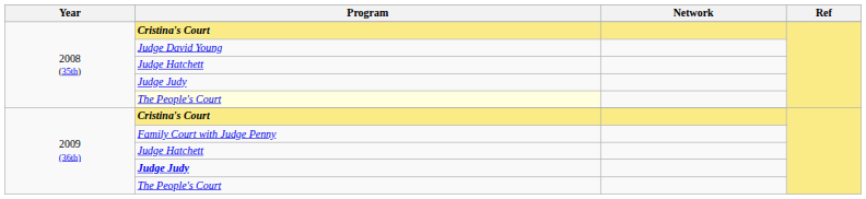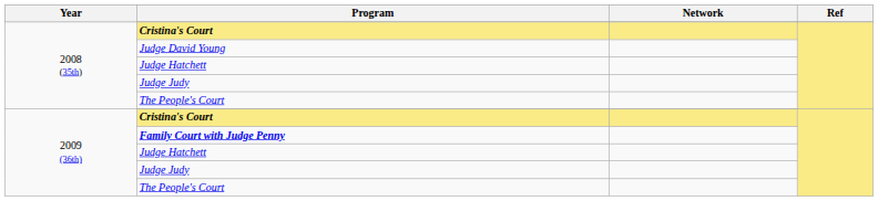 <table class="wikitable" style="width:100%">
 <tr style="background:#bebebe;">
 <th style="width:7%;">Year</th>
 <th style="width:25%;">Program</th>
 <th style="width:10%;">Network</th>
 <th style="width:4%;">Ref</th>
 </tr>
 <tr>
 <td rowspan=6 style="text-align:center">2008 <br><small>(<a href='#'>35th</a>)</small></td>
 </tr>
 <tr style="background:#FAEB86">
 <td><strong><em>Cristina's Court</em></strong></td>
 <td></td>
 <td rowspan=6></td>
 </tr>
 <tr>
 <td><em><a href='#'>Judge David Young</a></em></td>
 <td></td>
 </tr>
 <tr>
 <td><em><a href='#'>Judge Hatchett</a></em></td>
 <td></td>
 </tr>
 <tr>
 <td><em><a href='#'>Judge Judy</a></em></td>
 <td></td>
 </tr>
 <tr>
-<td style="background: lightyellow;"><em><a href='#'>The People's Court</a></em></td>
+<td><em><a href='#'>The People's Court</a></em></td>
 <td></td>
 </tr>
 <tr>
 <td rowspan=6 style="text-align:center">2009 <br><small><a href='#'>(36th)</a></small></td>
 </tr>
 <tr style="background:#FAEB86">
 <td><strong><em>Cristina's Court</em></strong></td>
 <td></td>
 <td rowspan=5></td>
 </tr>
 <tr>
-<td><em><a href='#'>Family Court with Judge Penny</a></em></td>
+<td><strong><em><a href='#'>Family Court with Judge Penny</a></em></strong></td>
 <td></td>
 </tr>
 <tr>
 <td><em><a href='#'>Judge Hatchett</a></em></td>
 <td></td>
 </tr>
 <tr>
-<td><strong><em><a href='#'>Judge Judy</a></em></strong></td>
+<td><em><a href='#'>Judge Judy</a></em></td>
 <td></td>
 </tr>
 <tr>
 <td><em><a href='#'>The People's Court</a></em></td>
 <td></td>
 </tr>
 </table>
